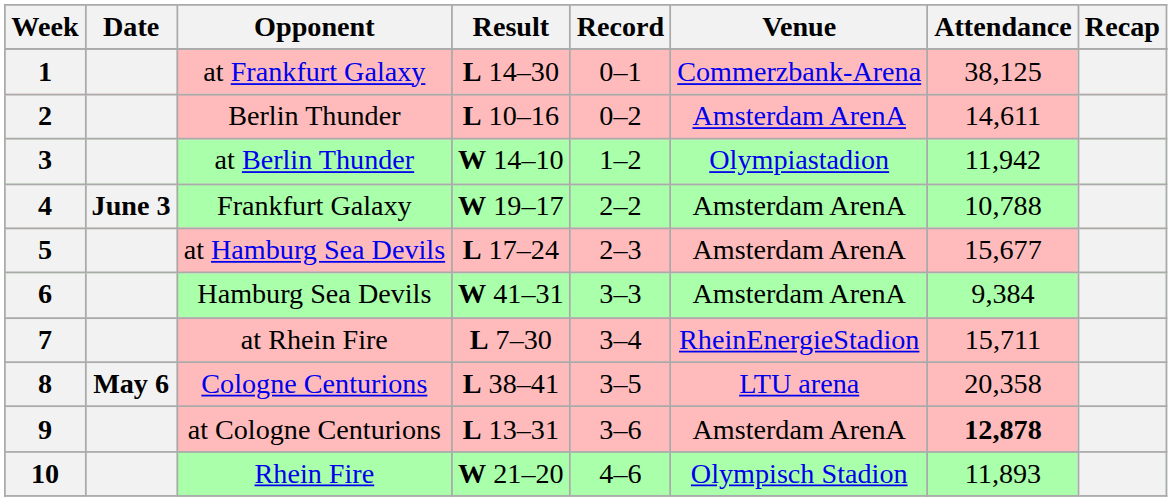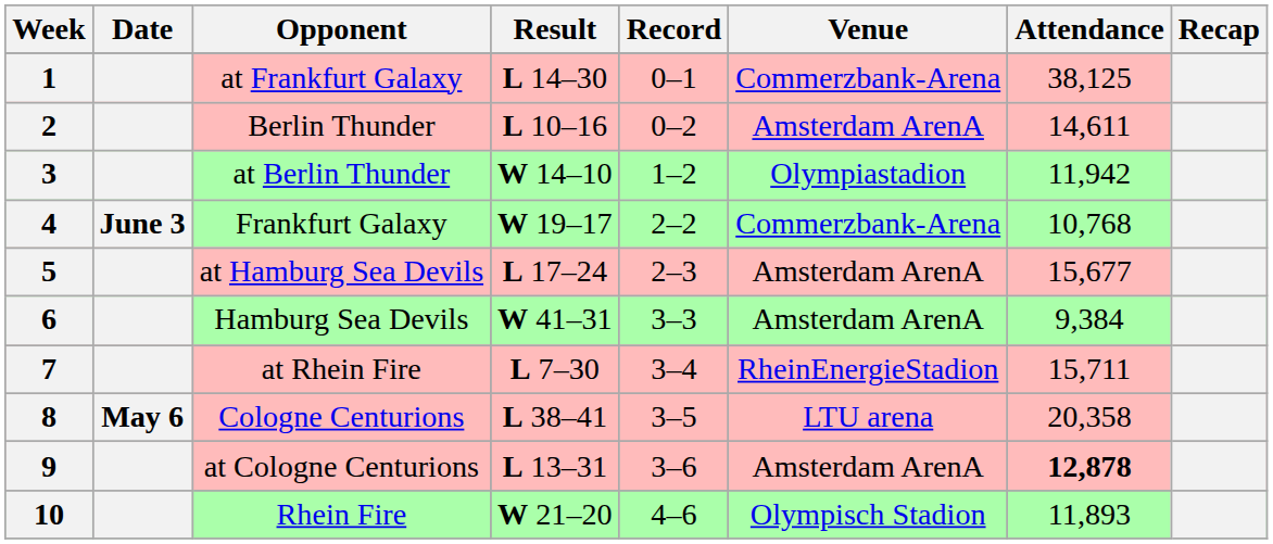 <table class="wikitable" style="text-align:center">
 <tr>
 <th>Week</th>
 <th>Date</th>
 <th>Opponent</th>
 <th>Result</th>
 <th>Record</th>
 <th>Venue</th>
 <th>Attendance</th>
 <th>Recap</th>
 </tr>
 <tr>
 </tr>
 <tr bgcolor="#fbb">
 <th>1</th>
 <th></th>
 <td>at <a href='#'>Frankfurt Galaxy</a></td>
 <td><strong>L</strong> 14–30</td>
 <td>0–1</td>
 <td><a href='#'>Commerzbank-Arena</a></td>
 <td>38,125</td>
 <th></th>
 </tr>
 <tr bgcolor="#fbb">
 <th>2</th>
 <th></th>
 <td>Berlin Thunder</td>
 <td><strong>L</strong> 10–16</td>
 <td>0–2</td>
 <td><a href='#'>Amsterdam ArenA</a></td>
 <td>14,611</td>
 <th></th>
 </tr>
 <tr bgcolor="#afa">
 <th>3</th>
 <th></th>
 <td>at <a href='#'>Berlin Thunder</a></td>
 <td><strong>W</strong> 14–10</td>
 <td>1–2</td>
 <td><a href='#'>Olympiastadion</a></td>
 <td>11,942</td>
 <th></th>
 </tr>
 <tr bgcolor="#afa">
 <th>4</th>
 <th>June 3</th>
 <td>Frankfurt Galaxy</td>
 <td><strong>W</strong> 19–17</td>
 <td>2–2</td>
-<td>Amsterdam ArenA</td>
-<td>10,788</td>
+<td><a href='#'>Commerzbank-Arena</a></td>
+<td>10,768</td>
 <th></th>
 </tr>
 <tr bgcolor="#fbb">
 <th>5</th>
 <th></th>
 <td>at <a href='#'>Hamburg Sea Devils</a></td>
 <td><strong>L</strong> 17–24</td>
 <td>2–3</td>
 <td>Amsterdam ArenA</td>
 <td>15,677</td>
 <th></th>
 </tr>
 <tr bgcolor="#afa">
 <th>6</th>
 <th></th>
 <td>Hamburg Sea Devils</td>
 <td><strong>W</strong> 41–31</td>
 <td>3–3</td>
 <td>Amsterdam ArenA</td>
 <td>9,384</td>
 <th></th>
 </tr>
 <tr bgcolor="#fbb">
 <th>7</th>
 <th></th>
 <td>at Rhein Fire</td>
 <td><strong>L</strong> 7–30</td>
 <td>3–4</td>
 <td><a href='#'>RheinEnergieStadion</a></td>
 <td>15,711</td>
 <th></th>
 </tr>
 <tr bgcolor="#fbb">
 <th>8</th>
 <th>May 6</th>
 <td><a href='#'>Cologne Centurions</a></td>
 <td><strong>L</strong> 38–41</td>
 <td>3–5</td>
 <td><a href='#'>LTU arena</a></td>
 <td>20,358</td>
 <th></th>
 </tr>
 <tr bgcolor="#fbb">
 <th>9</th>
 <th></th>
 <td>at Cologne Centurions</td>
 <td><strong>L</strong> 13–31</td>
 <td>3–6</td>
 <td>Amsterdam ArenA</td>
 <td><strong>12,878</strong></td>
 <th></th>
 </tr>
 <tr bgcolor="#afa">
 <th>10</th>
 <th></th>
 <td><a href='#'>Rhein Fire</a></td>
 <td><strong>W</strong> 21–20</td>
 <td>4–6</td>
 <td><a href='#'>Olympisch Stadion</a></td>
 <td>11,893</td>
 <th></th>
 </tr>
 </table>
